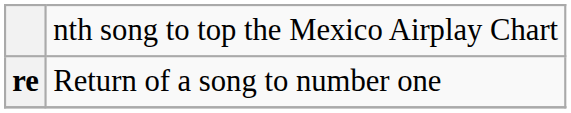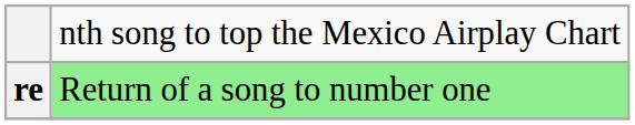 <table class="wikitable plainrowheaders" style="font-size:90%;">
 <tr>
 <th scope=col></th>
 <td>nth song to top the Mexico Airplay Chart</td>
 </tr>
 <tr>
 <th scope=row style="text-align:center;">re</th>
-<td>Return of a song to number one</td>
+<td style="background: lightgreen;">Return of a song to number one</td>
 </tr>
 <tr>
 </tr>
 </table>
